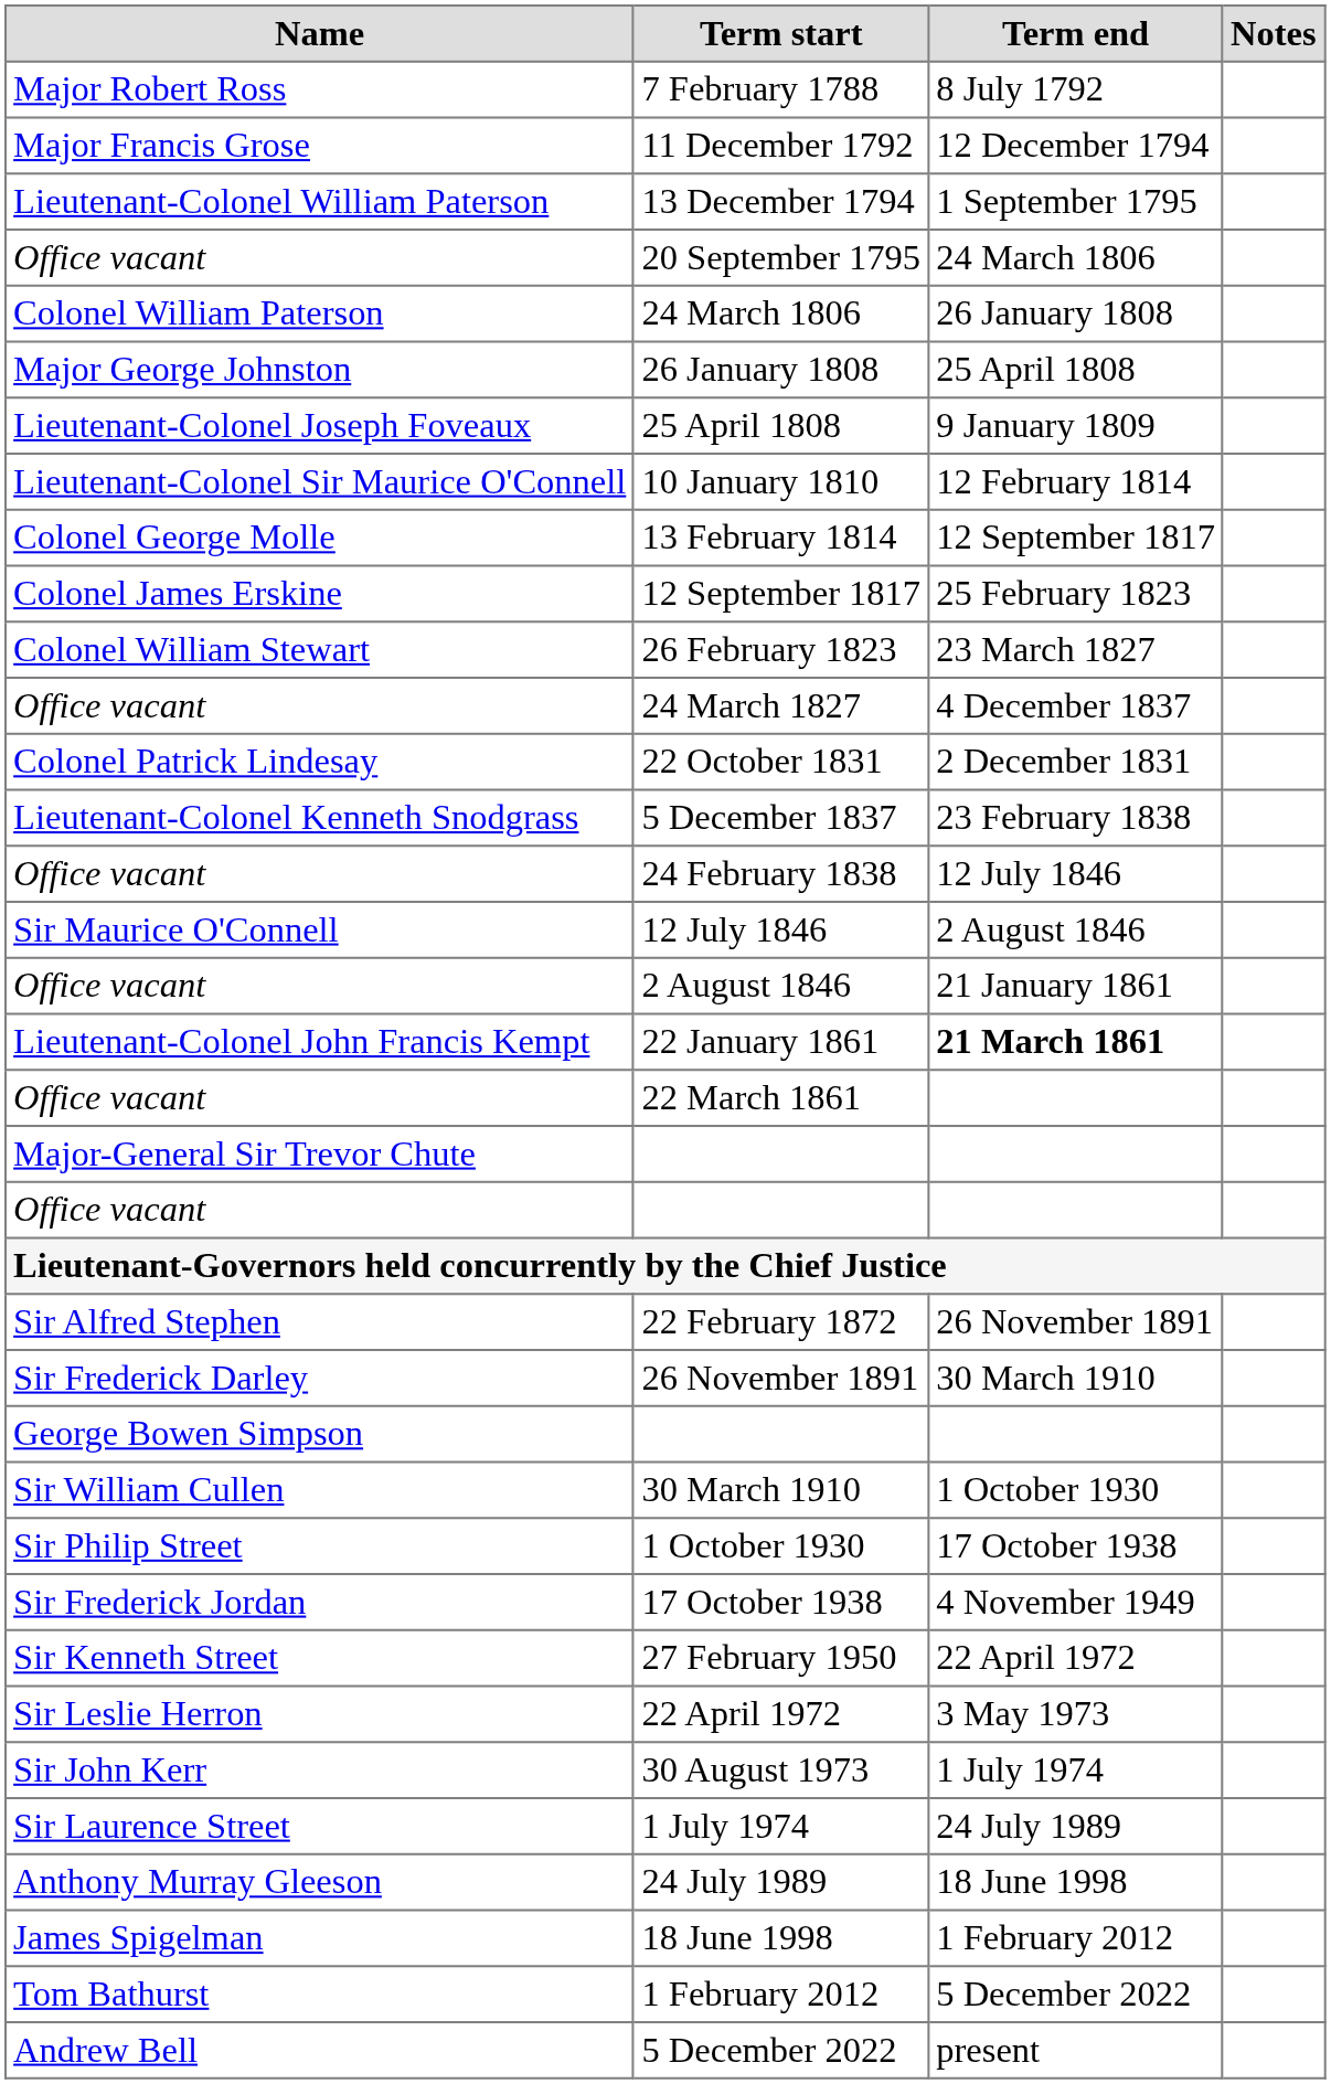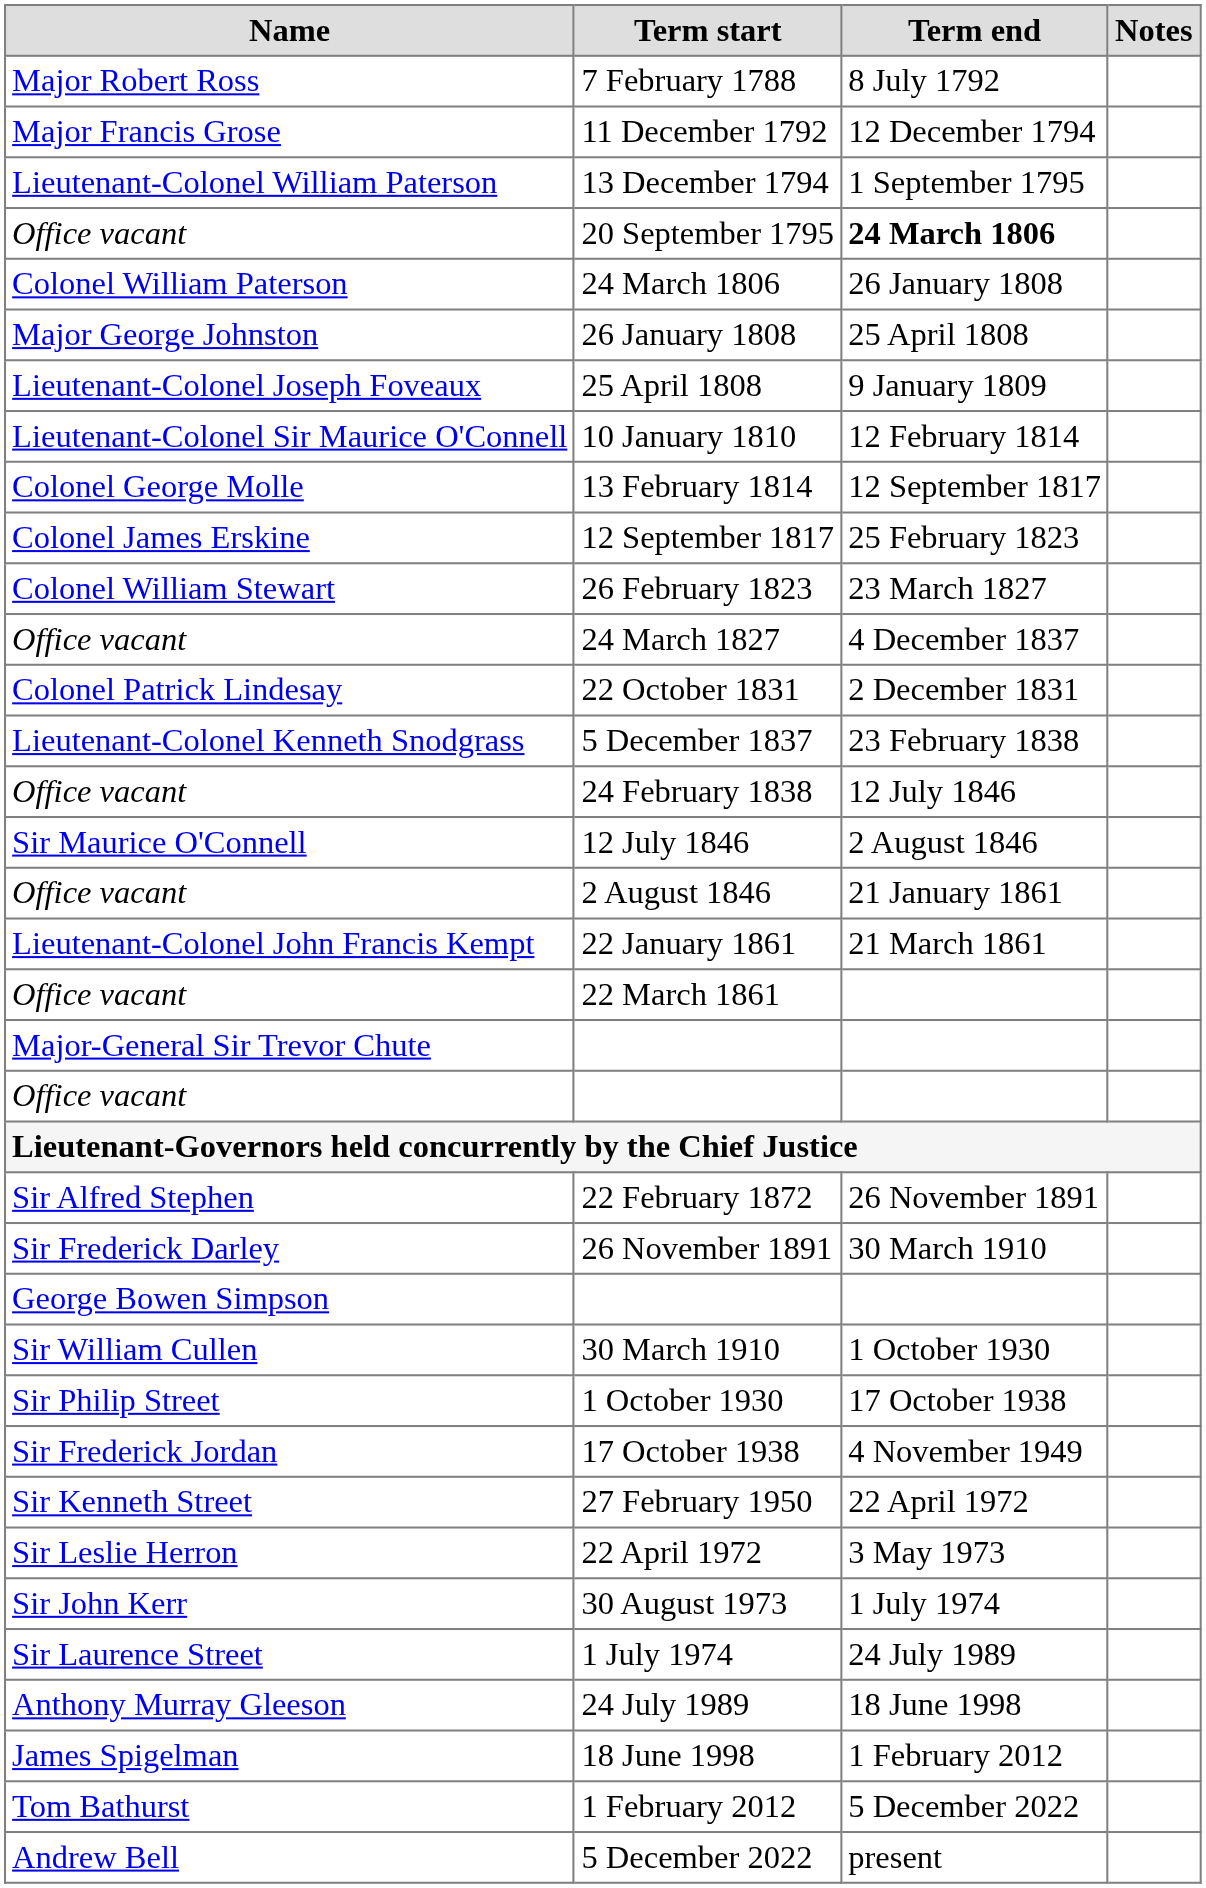 <table border="1" cellpadding="3" style="border-collapse:collapse;">
 <tr bgcolor=#dedede>
 <th>Name</th>
 <th>Term start</th>
 <th>Term end</th>
 <th>Notes</th>
 </tr>
 <tr>
 <td><a href='#'>Major Robert Ross</a></td>
 <td>7 February 1788</td>
 <td>8 July 1792</td>
 <td></td>
 </tr>
 <tr>
 <td><a href='#'>Major Francis Grose</a></td>
 <td>11 December 1792</td>
 <td>12 December 1794</td>
 <td></td>
 </tr>
 <tr>
 <td><a href='#'>Lieutenant-Colonel William Paterson</a></td>
 <td>13 December 1794</td>
 <td>1 September 1795</td>
 <td></td>
 </tr>
 <tr>
 <td><em>Office vacant</em></td>
 <td>20 September 1795</td>
-<td>24 March 1806</td>
+<td><strong>24 March 1806</strong></td>
 </tr>
 <tr>
 <td><a href='#'>Colonel William Paterson</a></td>
 <td>24 March 1806</td>
 <td>26 January 1808</td>
 <td></td>
 </tr>
 <tr>
 <td><a href='#'>Major George Johnston</a></td>
 <td>26 January 1808</td>
 <td>25 April 1808</td>
 <td></td>
 </tr>
 <tr>
 <td><a href='#'>Lieutenant-Colonel Joseph Foveaux</a></td>
 <td>25 April 1808</td>
 <td>9 January 1809</td>
 <td></td>
 </tr>
 <tr>
 <td><a href='#'>Lieutenant-Colonel Sir Maurice O'Connell</a></td>
 <td>10 January 1810</td>
 <td>12 February 1814</td>
 <td></td>
 </tr>
 <tr>
 <td><a href='#'>Colonel George Molle</a></td>
 <td>13 February 1814</td>
 <td>12 September 1817</td>
 <td></td>
 </tr>
 <tr>
 <td><a href='#'>Colonel James Erskine</a></td>
 <td>12 September 1817</td>
 <td>25 February 1823</td>
 <td></td>
 </tr>
 <tr>
 <td><a href='#'>Colonel William Stewart</a></td>
 <td>26 February 1823</td>
 <td>23 March 1827</td>
 <td></td>
 </tr>
 <tr>
 <td><em>Office vacant</em></td>
 <td>24 March 1827</td>
 <td>4 December 1837</td>
 </tr>
 <tr>
 <td><a href='#'>Colonel Patrick Lindesay</a></td>
 <td>22 October 1831</td>
 <td>2 December 1831</td>
 <td></td>
 </tr>
 <tr>
 <td><a href='#'>Lieutenant-Colonel Kenneth Snodgrass</a></td>
 <td>5 December 1837</td>
 <td>23 February 1838</td>
 <td></td>
 </tr>
 <tr>
 <td><em>Office vacant</em></td>
 <td>24 February 1838</td>
 <td>12 July 1846</td>
 </tr>
 <tr>
 <td><a href='#'>Sir Maurice O'Connell</a></td>
 <td>12 July 1846</td>
 <td>2 August 1846</td>
 <td></td>
 </tr>
 <tr>
 <td><em>Office vacant</em></td>
 <td>2 August 1846</td>
 <td>21 January 1861</td>
 <td></td>
 </tr>
 <tr>
 <td><a href='#'>Lieutenant-Colonel John Francis Kempt</a></td>
 <td>22 January 1861</td>
-<td><strong>21 March 1861</strong></td>
+<td>21 March 1861</td>
 <td></td>
 </tr>
 <tr>
 <td><em>Office vacant</em></td>
 <td>22 March 1861</td>
 <td></td>
 <td></td>
 </tr>
 <tr>
 <td><a href='#'>Major-General Sir Trevor Chute</a></td>
 <td></td>
 <td></td>
 <td></td>
 </tr>
 <tr>
 <td><em>Office vacant</em></td>
 <td></td>
 <td></td>
 <td></td>
 </tr>
 <tr bgcolor="#F5F5F5">
 <th colspan="9" align="left"><span>Lieutenant-Governors held concurrently by the Chief Justice</span></th>
 </tr>
 <tr>
 <td><a href='#'>Sir Alfred Stephen</a></td>
 <td>22 February 1872</td>
 <td>26 November 1891</td>
 <td></td>
 </tr>
 <tr>
 <td><a href='#'>Sir Frederick Darley</a></td>
 <td>26 November 1891</td>
 <td>30 March 1910</td>
 <td></td>
 </tr>
 <tr>
 <td><a href='#'>George Bowen Simpson</a></td>
 <td></td>
 <td></td>
 <td></td>
 </tr>
 <tr>
 <td><a href='#'>Sir William Cullen</a></td>
 <td>30 March 1910</td>
 <td>1 October 1930</td>
 <td></td>
 </tr>
 <tr>
 <td><a href='#'>Sir Philip Street</a></td>
 <td>1 October 1930</td>
 <td>17 October 1938</td>
 <td></td>
 </tr>
 <tr>
 <td><a href='#'>Sir Frederick Jordan</a></td>
 <td>17 October 1938</td>
 <td>4 November 1949</td>
 <td></td>
 </tr>
 <tr>
 <td><a href='#'>Sir Kenneth Street</a></td>
 <td>27 February 1950</td>
 <td>22 April 1972</td>
 <td></td>
 </tr>
 <tr>
 <td><a href='#'>Sir Leslie Herron</a></td>
 <td>22 April 1972</td>
 <td>3 May 1973</td>
 <td></td>
 </tr>
 <tr>
 <td><a href='#'>Sir John Kerr</a></td>
 <td>30 August 1973</td>
 <td>1 July 1974</td>
 <td></td>
 </tr>
 <tr>
 <td><a href='#'>Sir Laurence Street</a></td>
 <td>1 July 1974</td>
 <td>24 July 1989</td>
 <td></td>
 </tr>
 <tr>
 <td><a href='#'>Anthony Murray Gleeson</a></td>
 <td>24 July 1989</td>
 <td>18 June 1998</td>
 <td></td>
 </tr>
 <tr>
 <td><a href='#'>James Spigelman</a></td>
 <td>18 June 1998</td>
 <td>1 February 2012</td>
 <td></td>
 </tr>
 <tr>
 <td><a href='#'>Tom Bathurst</a></td>
 <td>1 February 2012</td>
 <td>5 December 2022</td>
 <td></td>
 </tr>
 <tr>
 <td><a href='#'>Andrew Bell</a></td>
 <td>5 December 2022</td>
 <td>present</td>
 <td></td>
 </tr>
 </table>
